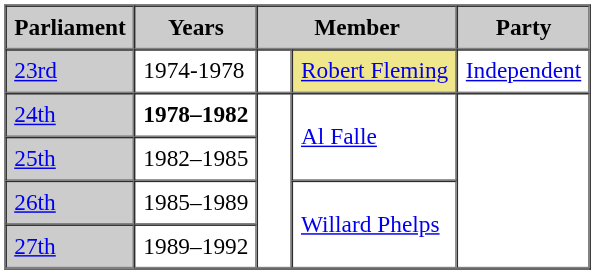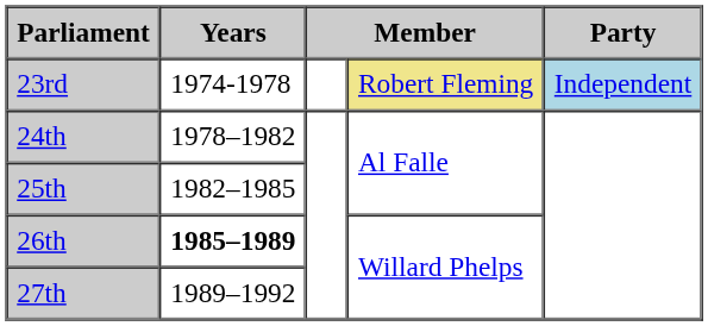 <table border=1 cellpadding=5 cellspacing=0>
 <tr bgcolor="CCCCCC">
 <th>Parliament</th>
 <th>Years</th>
 <th colspan="2">Member</th>
 <th>Party</th>
 </tr>
 <tr>
 <td bgcolor="CCCCCC"><a href='#'>23rd</a></td>
 <td>1974-1978</td>
 <td>   </td>
 <td style="background: khaki;"><a href='#'>Robert Fleming</a></td>
-<td><a href='#'>Independent</a></td>
+<td style="background: lightblue;"><a href='#'>Independent</a></td>
 </tr>
 <tr>
 <td bgcolor="CCCCCC"><a href='#'>24th</a></td>
-<td><strong>1978–1982</strong></td>
+<td>1978–1982</td>
 <td rowspan="4" >   </td>
 <td rowspan="2"><a href='#'>Al Falle</a></td>
 <td rowspan="4"></td>
 </tr>
 <tr>
 <td bgcolor="CCCCCC"><a href='#'>25th</a></td>
 <td>1982–1985</td>
 </tr>
 <tr>
 <td bgcolor="CCCCCC"><a href='#'>26th</a></td>
-<td>1985–1989</td>
+<td><strong>1985–1989</strong></td>
 <td rowspan="2"><a href='#'>Willard Phelps</a></td>
 </tr>
 <tr>
 <td bgcolor="CCCCCC"><a href='#'>27th</a></td>
 <td>1989–1992</td>
 </tr>
 </table>
